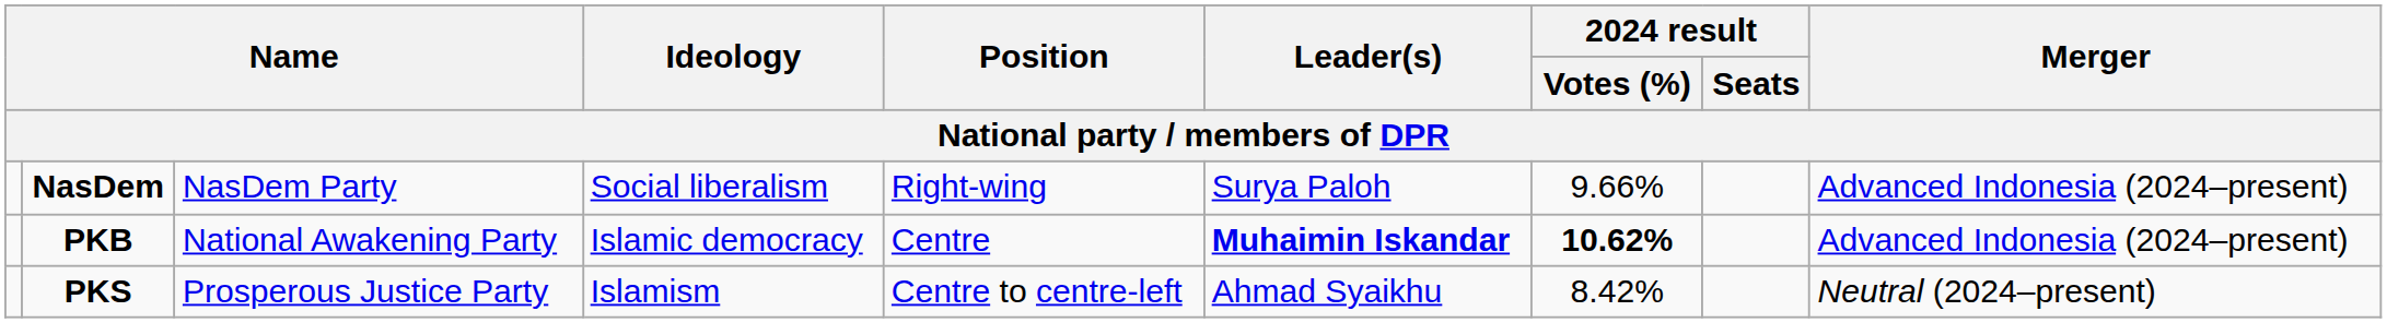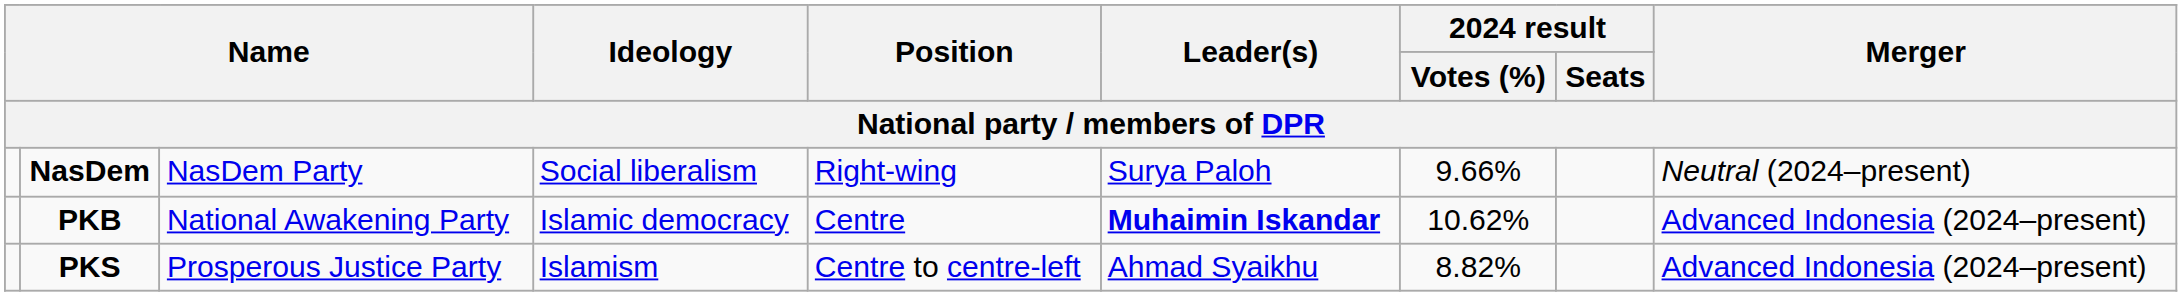 <table class="wikitable" style="width:73%;">
 <tr>
 <th colspan="3" rowspan="2">Name</th>
 <th rowspan="2">Ideology</th>
 <th rowspan="2">Position</th>
 <th rowspan="2">Leader(s)</th>
 <th colspan="2">2024 result</th>
 <th rowspan="2">Merger</th>
 </tr>
 <tr>
 <th>Votes (%)</th>
 <th>Seats</th>
 </tr>
 <tr>
 <th colspan="9">National party / members of <a href='#'>DPR</a></th>
 </tr>
 <tr>
 <td style="background:"></td>
 <td style="text-align:center;"><strong>NasDem</strong></td>
 <td><a href='#'>NasDem Party</a><br></td>
 <td><a href='#'>Social liberalism</a></td>
 <td><a href='#'>Right-wing</a></td>
 <td><a href='#'>Surya Paloh</a></td>
 <td style="text-align:center;">9.66%</td>
 <td></td>
-<td><a href='#'>Advanced Indonesia</a> (2024–present)</td>
+<td><em>Neutral</em> (2024–present)</td>
 </tr>
 <tr>
 <td style="background:"></td>
 <td style="text-align:center;"><strong>PKB</strong></td>
 <td><a href='#'>National Awakening Party</a><br></td>
 <td><a href='#'>Islamic democracy</a></td>
 <td><a href='#'>Centre</a></td>
 <td><strong><a href='#'>Muhaimin Iskandar</a></strong></td>
-<td style="text-align:center;"><strong>10.62%</strong></td>
+<td style="text-align:center;">10.62%</td>
 <td></td>
 <td><a href='#'>Advanced Indonesia</a> (2024–present)</td>
 </tr>
 <tr>
 <td style="background:"></td>
 <td style="text-align:center;"><strong>PKS</strong></td>
 <td><a href='#'>Prosperous Justice Party</a><br></td>
 <td><a href='#'>Islamism</a></td>
 <td><a href='#'>Centre</a> to <a href='#'>centre-left</a></td>
 <td><a href='#'>Ahmad Syaikhu</a></td>
-<td style="text-align:center;">8.42%</td>
+<td style="text-align:center;">8.82%</td>
 <td></td>
-<td><em>Neutral</em> (2024–present)</td>
+<td><a href='#'>Advanced Indonesia</a> (2024–present)</td>
 </tr>
 </table>
